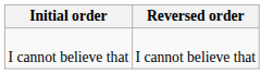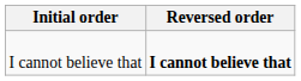 <table class="wikitable">
 <tr>
 <th>Initial order</th>
 <th>Reversed order</th>
 </tr>
 <tr>
 <td><br>I cannot believe that<br></td>
-<td><br>I cannot believe that<br></td>
+<td><strong><br>I cannot believe that<br></strong></td>
 </tr>
 </table>
